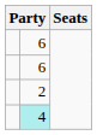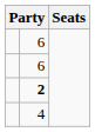 <table class="wikitable">
 <tr>
 <th colspan=2>Party</th>
 <th>Seats</th>
 </tr>
 <tr>
 <td></td>
 <td align="right">6</td>
 </tr>
 <tr>
 <td></td>
 <td align="right">6</td>
 </tr>
 <tr>
 <td></td>
-<td align="right">2</td>
+<td align="right"><strong>2</strong></td>
 </tr>
 <tr>
 <td></td>
-<td align="right" style="background: paleturquoise;">4</td>
+<td align="right">4</td>
 </tr>
 </table>
